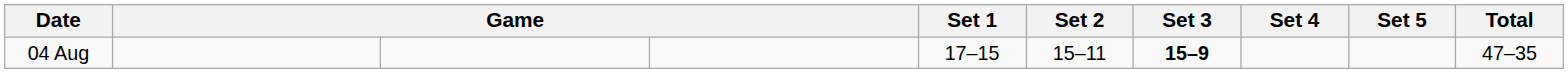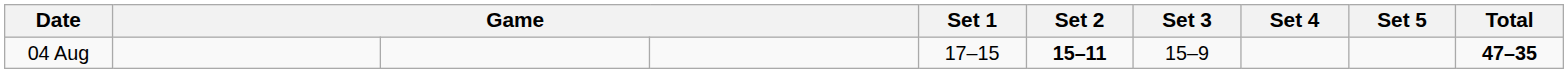 <table width=1200 class="wikitable">
 <tr>
 <th width=6%>Date</th>
 <th width=45% colspan=3>Game</th>
 <th width=6%>Set 1</th>
 <th width=6%>Set 2</th>
 <th width=6%>Set 3</th>
 <th width=6%>Set 4</th>
 <th width=6%>Set 5</th>
 <th width=6%>Total</th>
 </tr>
 <tr style=font-size:95%>
 <td align=center>04 Aug</td>
 <td align=center><strong></strong></td>
 <td></td>
 <td></td>
 <td align=center>17–15</td>
-<td align=center>15–11</td>
-<td align=center><strong>15–9</strong></td>
+<td align=center><strong>15–11</strong></td>
+<td align=center>15–9</td>
 <td align=center></td>
 <td align=center></td>
-<td align=center>47–35</td>
+<td align=center><strong>47–35</strong></td>
 </tr>
 </table>
